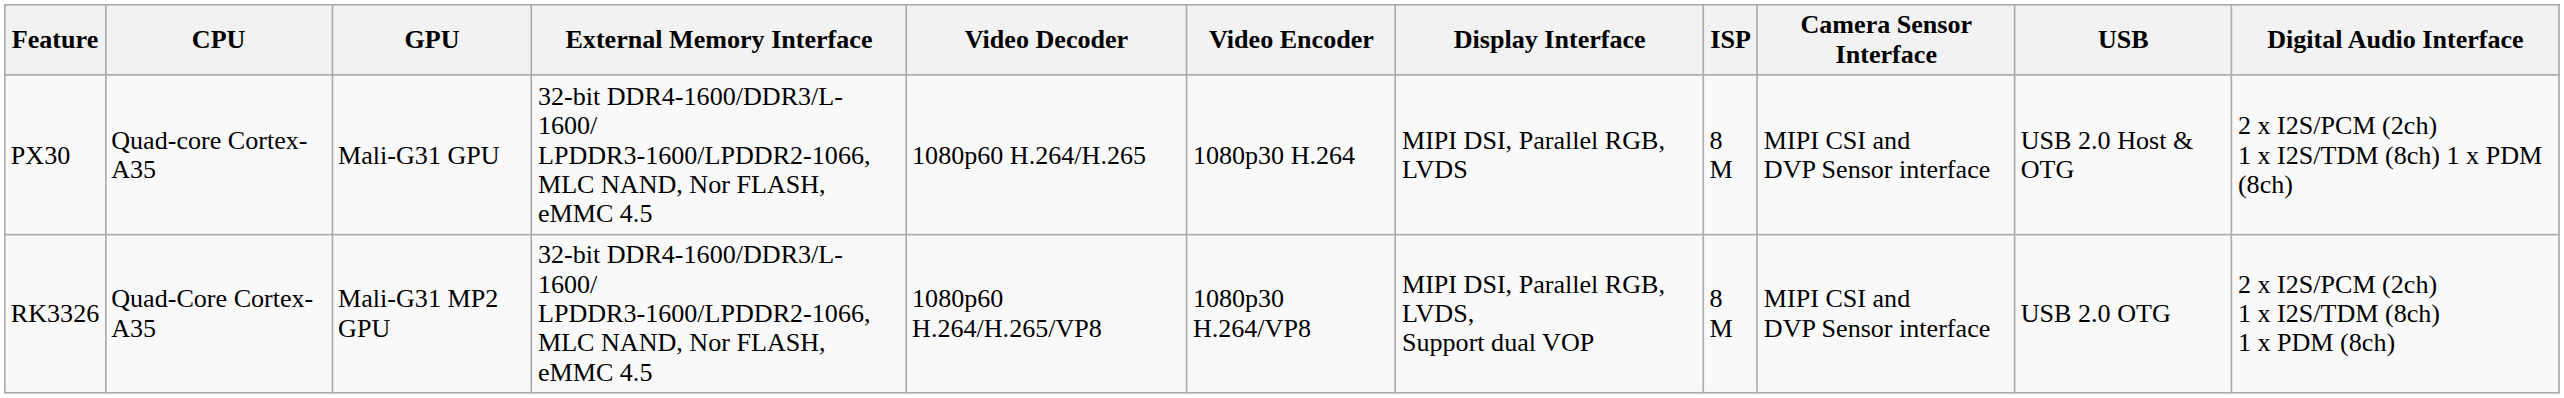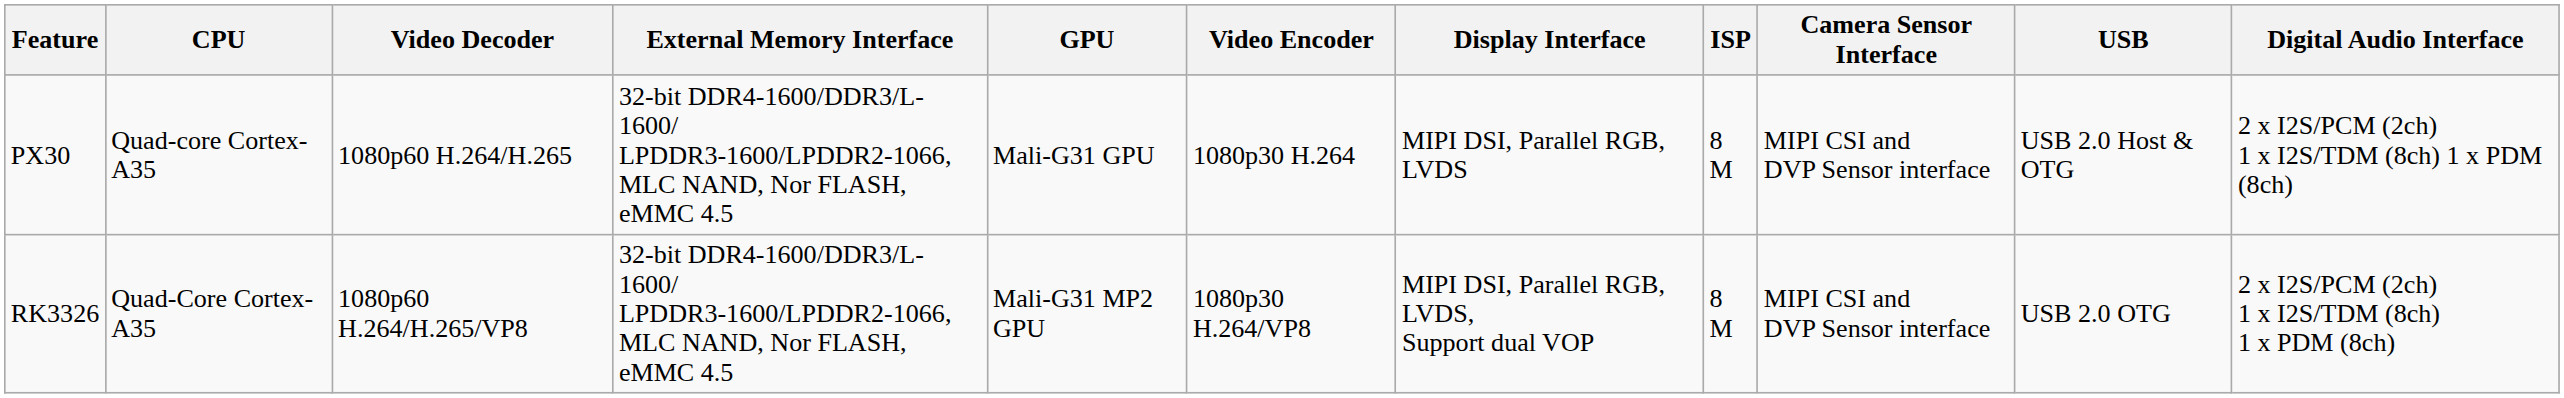 <table class="wikitable">
 <tr>
 <th>Feature</th>
 <th>CPU</th>
+<th>Video Decoder</th>
+<th>External Memory Interface</th>
 <th>GPU</th>
-<th>External Memory Interface</th>
-<th>Video Decoder</th>
 <th>Video Encoder</th>
 <th>Display Interface</th>
 <th>ISP</th>
 <th>Camera Sensor Interface</th>
 <th>USB</th>
 <th>Digital Audio Interface</th>
 </tr>
 <tr>
 <td>PX30</td>
 <td>Quad-core Cortex-A35</td>
+<td>1080p60 H.264/H.265</td>
+<td>32-bit DDR4-1600/DDR3/L-1600/<br>LPDDR3-1600/LPDDR2-1066,<br>MLC NAND, Nor FLASH, eMMC 4.5</td>
 <td>Mali-G31 GPU</td>
-<td>32-bit DDR4-1600/DDR3/L-1600/<br>LPDDR3-1600/LPDDR2-1066,<br>MLC NAND, Nor FLASH, eMMC 4.5</td>
-<td>1080p60 H.264/H.265</td>
 <td>1080p30 H.264</td>
 <td>MIPI DSI, Parallel RGB, LVDS</td>
 <td>8 M</td>
 <td>MIPI CSI and<br>DVP Sensor interface</td>
 <td>USB 2.0 Host & OTG</td>
 <td>2 x I2S/PCM (2ch)<br>1 x I2S/TDM (8ch) 1 x PDM (8ch)</td>
 </tr>
 <tr>
 <td>RK3326</td>
 <td>Quad-Core Cortex-A35</td>
+<td>1080p60 H.264/H.265/VP8</td>
+<td>32-bit DDR4-1600/DDR3/L-1600/<br>LPDDR3-1600/LPDDR2-1066,<br>MLC NAND, Nor FLASH, eMMC 4.5</td>
 <td>Mali-G31 MP2 GPU</td>
-<td>32-bit DDR4-1600/DDR3/L-1600/<br>LPDDR3-1600/LPDDR2-1066,<br>MLC NAND, Nor FLASH, eMMC 4.5</td>
-<td>1080p60 H.264/H.265/VP8</td>
 <td>1080p30 H.264/VP8</td>
 <td>MIPI DSI, Parallel RGB, LVDS,<br>Support dual VOP</td>
 <td>8 M</td>
 <td>MIPI CSI and<br>DVP Sensor interface</td>
 <td>USB 2.0 OTG</td>
 <td>2 x I2S/PCM (2ch)<br>1 x I2S/TDM (8ch)<br>1 x PDM (8ch)</td>
 </tr>
 </table>
